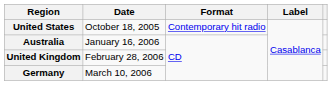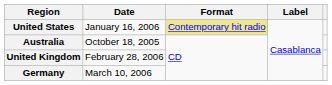 <table class="wikitable plainrowheaders">
 <tr>
 <th scope="col">Region</th>
 <th scope="col">Date</th>
 <th scope="col">Format</th>
 <th scope="col">Label</th>
 <th scope="col"></th>
 </tr>
 <tr>
 <th scope="row">United States</th>
-<td>October 18, 2005</td>
-<td><a href='#'>Contemporary hit radio</a></td>
+<td>January 16, 2006</td>
+<td style="background: khaki;"><a href='#'>Contemporary hit radio</a></td>
 <td rowspan="4"><a href='#'>Casablanca</a></td>
 <td></td>
 </tr>
 <tr>
 <th scope="row">Australia</th>
-<td>January 16, 2006</td>
+<td>October 18, 2005</td>
 <td rowspan="4"><a href='#'>CD</a></td>
 <td></td>
 </tr>
 <tr>
 <th scope="row">United Kingdom</th>
 <td>February 28, 2006</td>
 <td></td>
 </tr>
 <tr>
 <th scope="row">Germany</th>
 <td>March 10, 2006</td>
 <td></td>
 </tr>
 </table>
